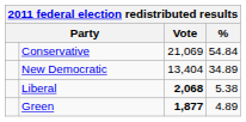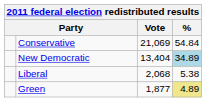 <table class="wikitable">
 <tr>
 <th colspan="4"><a href='#'>2011 federal election</a> redistributed results</th>
 </tr>
 <tr>
 <th bgcolor="#DDDDFF" width="130px" colspan="2">Party</th>
 <th bgcolor="#DDDDFF" width="50px">Vote</th>
 <th bgcolor="#DDDDFF" width="30px">%</th>
 </tr>
 <tr>
 <td> </td>
 <td><a href='#'>Conservative</a></td>
 <td align="right">21,069</td>
 <td align="right">54.84</td>
 </tr>
 <tr>
 <td> </td>
 <td><a href='#'>New Democratic</a></td>
 <td align="right">13,404</td>
-<td align="right">34.89</td>
+<td align="right" style="background: lightblue;">34.89</td>
 </tr>
 <tr>
 <td> </td>
 <td><a href='#'>Liberal</a></td>
-<td align="right"><strong>2,068</strong></td>
+<td align="right">2,068</td>
 <td align="right">5.38</td>
 </tr>
 <tr>
 <td> </td>
 <td><a href='#'>Green</a></td>
-<td align="right"><strong>1,877</strong></td>
-<td align="right">4.89</td>
+<td align="right">1,877</td>
+<td align="right" style="background: khaki;">4.89</td>
 </tr>
 </table>
